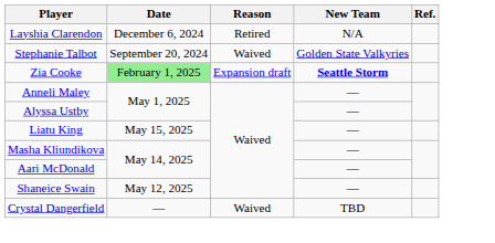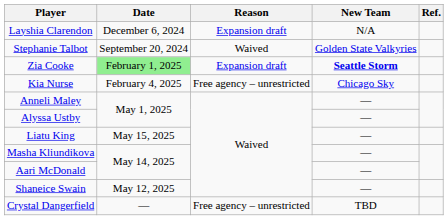 <table class="wikitable sortable sortable" style="text-align: center">
 <tr>
 <th>Player</th>
 <th>Date</th>
 <th>Reason</th>
 <th>New Team</th>
 <th>Ref.</th>
 </tr>
 <tr>
 <td><a href='#'>Layshia Clarendon</a></td>
 <td>December 6, 2024</td>
-<td>Retired</td>
+<td><a href='#'>Expansion draft</a></td>
 <td>N/A</td>
 <td></td>
 </tr>
 <tr>
 <td><a href='#'>Stephanie Talbot</a></td>
 <td>September 20, 2024</td>
 <td>Waived</td>
 <td><a href='#'>Golden State Valkyries</a></td>
 <td></td>
 </tr>
 <tr>
 <td><a href='#'>Zia Cooke</a></td>
 <td style="background: lightgreen;">February 1, 2025</td>
 <td><a href='#'>Expansion draft</a></td>
 <td><strong><a href='#'>Seattle Storm</a></strong></td>
+<td></td>
+</tr>
+<tr>
+<td><a href='#'>Kia Nurse</a></td>
+<td>February 4, 2025</td>
+<td>Free agency – unrestricted</td>
+<td><a href='#'>Chicago Sky</a></td>
 <td></td>
 </tr>
 <tr>
 <td><a href='#'>Anneli Maley</a></td>
 <td rowspan=2>May 1, 2025</td>
 <td rowspan=6>Waived</td>
 <td>—</td>
 <td rowspan=2></td>
 </tr>
 <tr>
 <td><a href='#'>Alyssa Ustby</a></td>
 <td>—</td>
 </tr>
 <tr>
 <td><a href='#'>Liatu King</a></td>
 <td>May 15, 2025</td>
 <td>—</td>
 <td></td>
 </tr>
 <tr>
 <td><a href='#'>Masha Kliundikova</a></td>
 <td rowspan=2>May 14, 2025</td>
 <td>—</td>
 <td rowspan=2></td>
 </tr>
 <tr>
 <td><a href='#'>Aari McDonald</a></td>
 <td>—</td>
 </tr>
 <tr>
 <td><a href='#'>Shaneice Swain</a></td>
 <td>May 12, 2025</td>
 <td>—</td>
 <td></td>
 </tr>
 <tr>
 <td><a href='#'>Crystal Dangerfield</a></td>
 <td>—</td>
-<td>Waived</td>
+<td>Free agency – unrestricted</td>
 <td>TBD</td>
 <td></td>
 </tr>
 </table>
